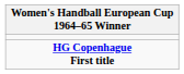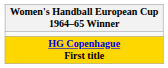 <table class="wikitable" style="text-align: center; margin: 0 auto; width: 20%">
 <tr>
 <th>Women's Handball European Cup <br>1964–65 Winner</th>
 </tr>
 <tr>
 <td></td>
 </tr>
 <tr>
-<td><strong> <a href='#'>HG Copenhague</a></strong><br><strong>First title</strong> <br></td>
+<td style="background: gold;"><strong> <a href='#'>HG Copenhague</a></strong><br><strong>First title</strong> <br></td>
 </tr>
 </table>
